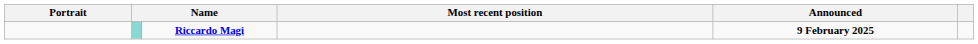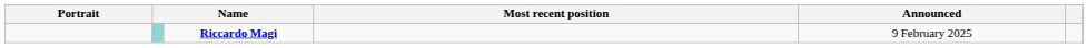 <table class="wikitable" style="text-align:center; width:90%; border:1px #AAAAFF solid">
 <tr>
 <th>Portrait</th>
 <th colspan=2 width=15%>Name</th>
 <th width=45%>Most recent position</th>
 <th>Announced</th>
 <th></th>
 </tr>
 <tr style="text-align: center;"  |>
 <td></td>
 <td width="1" style="color:inherit;background:#8BD7D2;"></td>
 <td><strong><a href='#'>Riccardo Magi</a></strong><br></td>
 <td><br></td>
-<td><strong>9 February 2025</strong></td>
+<td>9 February 2025</td>
 <td></td>
 </tr>
 </table>
